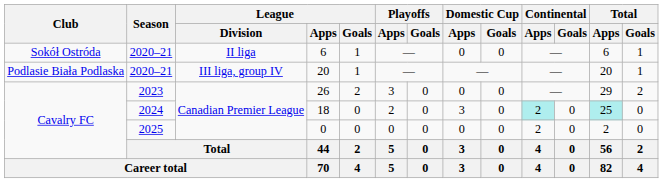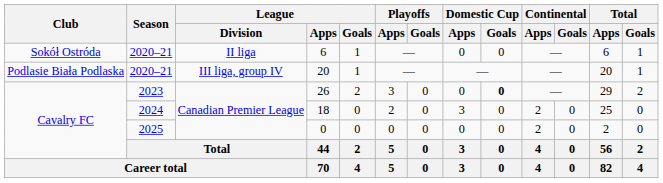 <table class="wikitable" style="text-align: center">
 <tr>
 <th rowspan="2">Club</th>
 <th rowspan="2">Season</th>
 <th colspan="3">League</th>
 <th colspan="2">Playoffs</th>
 <th colspan="2">Domestic Cup</th>
 <th colspan="2">Continental</th>
 <th colspan="2">Total</th>
 </tr>
 <tr>
 <th>Division</th>
 <th>Apps</th>
 <th>Goals</th>
 <th>Apps</th>
 <th>Goals</th>
 <th>Apps</th>
 <th>Goals</th>
 <th>Apps</th>
 <th>Goals</th>
 <th>Apps</th>
 <th>Goals</th>
 </tr>
 <tr>
 <td><a href='#'>Sokół Ostróda</a></td>
 <td><a href='#'>2020–21</a></td>
 <td><a href='#'>II liga</a></td>
 <td>6</td>
 <td>1</td>
 <td colspan=2>—</td>
 <td>0</td>
 <td>0</td>
 <td colspan=2>—</td>
 <td>6</td>
 <td>1</td>
 </tr>
 <tr>
 <td><a href='#'>Podlasie Biała Podlaska</a></td>
 <td><a href='#'>2020–21</a></td>
 <td><a href='#'>III liga, group IV</a></td>
 <td>20</td>
 <td>1</td>
 <td colspan="2">—</td>
 <td colspan="2">—</td>
 <td colspan="2">—</td>
 <td>20</td>
 <td>1</td>
 </tr>
 <tr>
 <td rowspan="4"><a href='#'>Cavalry FC</a></td>
 <td><a href='#'>2023</a></td>
 <td rowspan="3"><a href='#'>Canadian Premier League</a></td>
 <td>26</td>
 <td>2</td>
 <td>3</td>
 <td>0</td>
 <td>0</td>
-<td>0</td>
+<td><strong>0</strong></td>
 <td colspan="2">—</td>
 <td>29</td>
 <td>2</td>
 </tr>
 <tr>
 <td><a href='#'>2024</a></td>
 <td>18</td>
 <td>0</td>
 <td>2</td>
 <td>0</td>
 <td>3</td>
 <td>0</td>
-<td style="background: paleturquoise;">2</td>
+<td>2</td>
 <td>0</td>
-<td style="background: paleturquoise;">25</td>
+<td>25</td>
 <td>0</td>
 </tr>
 <tr>
 <td><a href='#'>2025</a></td>
 <td>0</td>
 <td>0</td>
 <td>0</td>
 <td>0</td>
 <td>0</td>
 <td>0</td>
 <td>2</td>
 <td>0</td>
 <td>2</td>
 <td>0</td>
 </tr>
 <tr>
 <th colspan="2">Total</th>
 <th>44</th>
 <th>2</th>
 <th>5</th>
 <th>0</th>
 <th>3</th>
 <th>0</th>
 <th>4</th>
 <th>0</th>
 <th>56</th>
 <th>2</th>
 </tr>
 <tr>
 <th colspan="3">Career total</th>
 <th>70</th>
 <th>4</th>
 <th>5</th>
 <th>0</th>
 <th>3</th>
 <th>0</th>
 <th>4</th>
 <th>0</th>
 <th>82</th>
 <th>4</th>
 </tr>
 </table>
